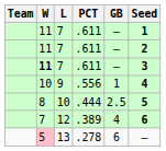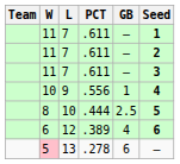 <table class=wikitable>
 <tr>
 <th>Team</th>
 <th>W</th>
 <th>L</th>
 <th>PCT</th>
 <th>GB</th>
 <th>Seed</th>
 </tr>
 <tr bgcolor=#ccffcc>
 <td></td>
 <td>11</td>
 <td>7</td>
 <td>.611</td>
 <td style="text-align:center;">–</td>
 <td style="text-align:center;"><strong>1</strong></td>
 </tr>
 <tr bgcolor=#ccffcc>
 <td></td>
 <td>11</td>
 <td>7</td>
 <td>.611</td>
 <td style="text-align:center;">–</td>
 <td style="text-align:center;"><strong>2</strong></td>
 </tr>
 <tr bgcolor=#ccffcc>
 <td></td>
-<td><strong>11</strong></td>
+<td>11</td>
 <td>7</td>
 <td>.611</td>
 <td style="text-align:center;">–</td>
 <td style="text-align:center;"><strong>3</strong></td>
 </tr>
 <tr bgcolor=#ccffcc>
 <td></td>
 <td>10</td>
 <td>9</td>
 <td>.556</td>
 <td style="text-align:center;">1</td>
 <td style="text-align:center;"><strong>4</strong></td>
 </tr>
 <tr bgcolor=#ccffcc>
 <td></td>
 <td>8</td>
 <td>10</td>
 <td>.444</td>
 <td style="text-align:center;">2.5</td>
 <td style="text-align:center;"><strong>5</strong></td>
 </tr>
 <tr bgcolor=#ccffcc>
 <td></td>
-<td>7</td>
+<td>6</td>
 <td>12</td>
 <td>.389</td>
 <td style="text-align:center;">4</td>
 <td style="text-align:center;"><strong>6</strong></td>
 </tr>
 <tr>
 <td></td>
 <td style="background: pink;">5</td>
 <td>13</td>
 <td>.278</td>
 <td style="text-align:center;">6</td>
 <td style="text-align:center;">–</td>
 </tr>
 </table>
